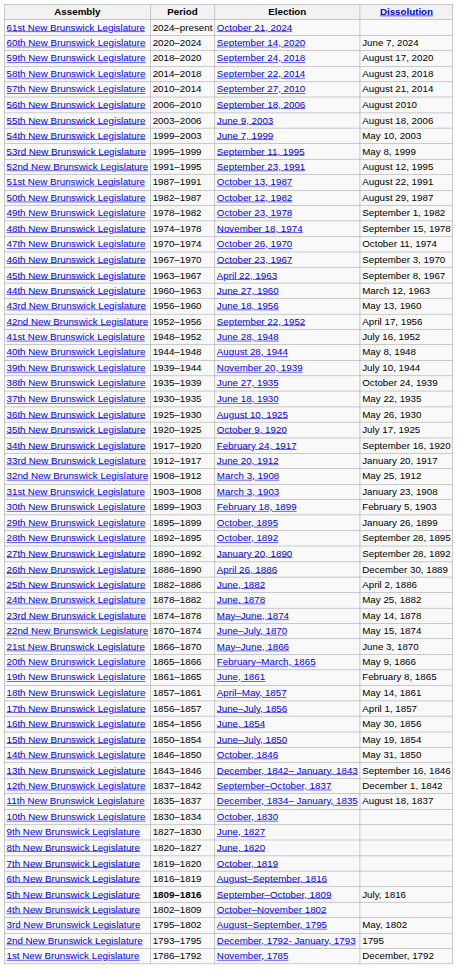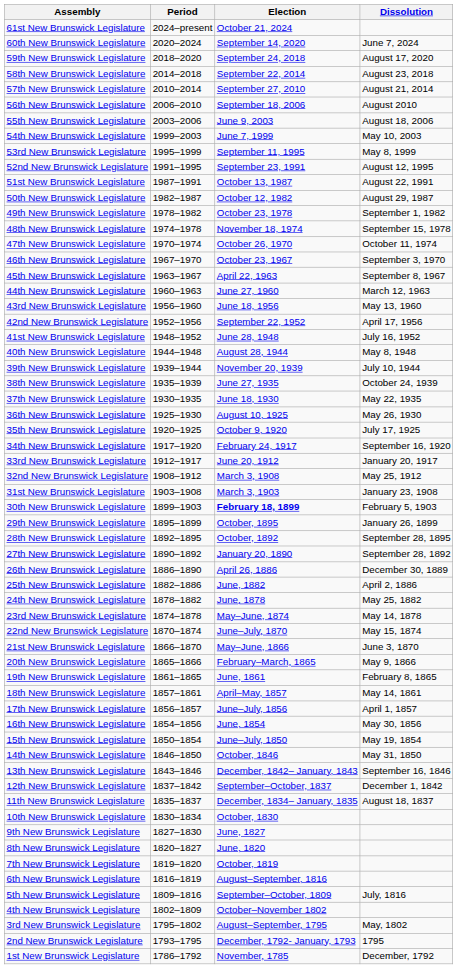 <table class="wikitable">
 <tr>
 <th align="right">Assembly</th>
 <th align="right">Period</th>
 <th align="right">Election</th>
 <th align="right"><a href='#'>Dissolution</a></th>
 </tr>
 <tr>
 <td><a href='#'>61st New Brunswick Legislature</a></td>
 <td>2024–present</td>
 <td><a href='#'>October 21, 2024</a></td>
 <td></td>
 </tr>
 <tr>
 <td><a href='#'>60th New Brunswick Legislature</a></td>
 <td>2020–2024</td>
 <td><a href='#'>September 14, 2020</a></td>
 <td>June 7, 2024</td>
 </tr>
 <tr>
 <td><a href='#'>59th New Brunswick Legislature</a></td>
 <td>2018–2020</td>
 <td><a href='#'>September 24, 2018</a></td>
 <td>August 17, 2020</td>
 </tr>
 <tr>
 <td><a href='#'>58th New Brunswick Legislature</a></td>
 <td>2014–2018</td>
 <td><a href='#'>September 22, 2014</a></td>
 <td>August 23, 2018</td>
 </tr>
 <tr>
 <td><a href='#'>57th New Brunswick Legislature</a></td>
 <td>2010–2014</td>
 <td><a href='#'>September 27, 2010</a></td>
 <td>August 21, 2014</td>
 </tr>
 <tr>
 <td><a href='#'>56th New Brunswick Legislature</a></td>
 <td>2006–2010</td>
 <td><a href='#'>September 18, 2006</a></td>
 <td>August 2010</td>
 </tr>
 <tr>
 <td><a href='#'>55th New Brunswick Legislature</a></td>
 <td>2003–2006</td>
 <td><a href='#'>June 9, 2003</a></td>
 <td>August 18, 2006</td>
 </tr>
 <tr>
 <td><a href='#'>54th New Brunswick Legislature</a></td>
 <td>1999–2003</td>
 <td><a href='#'>June 7, 1999</a></td>
 <td>May 10, 2003</td>
 </tr>
 <tr>
 <td><a href='#'>53rd New Brunswick Legislature</a></td>
 <td>1995–1999</td>
 <td><a href='#'>September 11, 1995</a></td>
 <td>May 8, 1999</td>
 </tr>
 <tr>
 <td><a href='#'>52nd New Brunswick Legislature</a></td>
 <td>1991–1995</td>
 <td><a href='#'>September 23, 1991</a></td>
 <td>August 12, 1995</td>
 </tr>
 <tr>
 <td><a href='#'>51st New Brunswick Legislature</a></td>
 <td>1987–1991</td>
 <td><a href='#'>October 13, 1987</a></td>
 <td>August 22, 1991</td>
 </tr>
 <tr>
 <td><a href='#'>50th New Brunswick Legislature</a></td>
 <td>1982–1987</td>
 <td><a href='#'>October 12, 1982</a></td>
 <td>August 29, 1987</td>
 </tr>
 <tr>
 <td><a href='#'>49th New Brunswick Legislature</a></td>
 <td>1978–1982</td>
 <td><a href='#'>October 23, 1978</a></td>
 <td>September 1, 1982</td>
 </tr>
 <tr>
 <td><a href='#'>48th New Brunswick Legislature</a></td>
 <td>1974–1978</td>
 <td><a href='#'>November 18, 1974</a></td>
 <td>September 15, 1978</td>
 </tr>
 <tr>
 <td><a href='#'>47th New Brunswick Legislature</a></td>
 <td>1970–1974</td>
 <td><a href='#'>October 26, 1970</a></td>
 <td>October 11, 1974</td>
 </tr>
 <tr>
 <td><a href='#'>46th New Brunswick Legislature</a></td>
 <td>1967–1970</td>
 <td><a href='#'>October 23, 1967</a></td>
 <td>September 3, 1970</td>
 </tr>
 <tr>
 <td><a href='#'>45th New Brunswick Legislature</a></td>
 <td>1963–1967</td>
 <td><a href='#'>April 22, 1963</a></td>
 <td>September 8, 1967</td>
 </tr>
 <tr>
 <td><a href='#'>44th New Brunswick Legislature</a></td>
 <td>1960–1963</td>
 <td><a href='#'>June 27, 1960</a></td>
 <td>March 12, 1963</td>
 </tr>
 <tr>
 <td><a href='#'>43rd New Brunswick Legislature</a></td>
 <td>1956–1960</td>
 <td><a href='#'>June 18, 1956</a></td>
 <td>May 13, 1960</td>
 </tr>
 <tr>
 <td><a href='#'>42nd New Brunswick Legislature</a></td>
 <td>1952–1956</td>
 <td><a href='#'>September 22, 1952</a></td>
 <td>April 17, 1956</td>
 </tr>
 <tr>
 <td><a href='#'>41st New Brunswick Legislature</a></td>
 <td>1948–1952</td>
 <td><a href='#'>June 28, 1948</a></td>
 <td>July 16, 1952</td>
 </tr>
 <tr>
 <td><a href='#'>40th New Brunswick Legislature</a></td>
 <td>1944–1948</td>
 <td><a href='#'>August 28, 1944</a></td>
 <td>May 8, 1948</td>
 </tr>
 <tr>
 <td><a href='#'>39th New Brunswick Legislature</a></td>
 <td>1939–1944</td>
 <td><a href='#'>November 20, 1939</a></td>
 <td>July 10, 1944</td>
 </tr>
 <tr>
 <td><a href='#'>38th New Brunswick Legislature</a></td>
 <td>1935–1939</td>
 <td><a href='#'>June 27, 1935</a></td>
 <td>October 24, 1939</td>
 </tr>
 <tr>
 <td><a href='#'>37th New Brunswick Legislature</a></td>
 <td>1930–1935</td>
 <td><a href='#'>June 18, 1930</a></td>
 <td>May 22, 1935</td>
 </tr>
 <tr>
 <td><a href='#'>36th New Brunswick Legislature</a></td>
 <td>1925–1930</td>
 <td><a href='#'>August 10, 1925</a></td>
 <td>May 26, 1930</td>
 </tr>
 <tr>
 <td><a href='#'>35th New Brunswick Legislature</a></td>
 <td>1920–1925</td>
 <td><a href='#'>October 9, 1920</a></td>
 <td>July 17, 1925</td>
 </tr>
 <tr>
 <td><a href='#'>34th New Brunswick Legislature</a></td>
 <td>1917–1920</td>
 <td><a href='#'>February 24, 1917</a></td>
 <td>September 16, 1920</td>
 </tr>
 <tr>
 <td><a href='#'>33rd New Brunswick Legislature</a></td>
 <td>1912–1917</td>
 <td><a href='#'>June 20, 1912</a></td>
 <td>January 20, 1917</td>
 </tr>
 <tr>
 <td><a href='#'>32nd New Brunswick Legislature</a></td>
 <td>1908–1912</td>
 <td><a href='#'>March 3, 1908</a></td>
 <td>May 25, 1912</td>
 </tr>
 <tr>
 <td><a href='#'>31st New Brunswick Legislature</a></td>
 <td>1903–1908</td>
 <td><a href='#'>March 3, 1903</a></td>
 <td>January 23, 1908</td>
 </tr>
 <tr>
 <td><a href='#'>30th New Brunswick Legislature</a></td>
 <td>1899–1903</td>
-<td><a href='#'>February 18, 1899</a></td>
+<td><strong><a href='#'>February 18, 1899</a></strong></td>
 <td>February 5, 1903</td>
 </tr>
 <tr>
 <td><a href='#'>29th New Brunswick Legislature</a></td>
 <td>1895–1899</td>
 <td><a href='#'>October, 1895</a></td>
 <td>January 26, 1899</td>
 </tr>
 <tr>
 <td><a href='#'>28th New Brunswick Legislature</a></td>
 <td>1892–1895</td>
 <td><a href='#'>October, 1892</a></td>
 <td>September 28, 1895</td>
 </tr>
 <tr>
 <td><a href='#'>27th New Brunswick Legislature</a></td>
 <td>1890–1892</td>
 <td><a href='#'>January 20, 1890</a></td>
 <td>September 28, 1892</td>
 </tr>
 <tr>
 <td><a href='#'>26th New Brunswick Legislature</a></td>
 <td>1886–1890</td>
 <td><a href='#'>April 26, 1886</a></td>
 <td>December 30, 1889</td>
 </tr>
 <tr>
 <td><a href='#'>25th New Brunswick Legislature</a></td>
 <td>1882–1886</td>
 <td><a href='#'>June, 1882</a></td>
 <td>April 2, 1886</td>
 </tr>
 <tr>
 <td><a href='#'>24th New Brunswick Legislature</a></td>
 <td>1878–1882</td>
 <td><a href='#'>June, 1878</a></td>
 <td>May 25, 1882</td>
 </tr>
 <tr>
 <td><a href='#'>23rd New Brunswick Legislature</a></td>
 <td>1874–1878</td>
 <td><a href='#'>May–June, 1874</a></td>
 <td>May 14, 1878</td>
 </tr>
 <tr>
 <td><a href='#'>22nd New Brunswick Legislature</a></td>
 <td>1870–1874</td>
 <td><a href='#'>June–July, 1870</a></td>
 <td>May 15, 1874</td>
 </tr>
 <tr>
 <td><a href='#'>21st New Brunswick Legislature</a></td>
 <td>1866–1870</td>
 <td><a href='#'>May–June, 1866</a></td>
 <td>June 3, 1870</td>
 </tr>
 <tr>
 <td><a href='#'>20th New Brunswick Legislature</a></td>
 <td>1865–1866</td>
 <td><a href='#'>February–March, 1865</a></td>
 <td>May 9, 1866</td>
 </tr>
 <tr>
 <td><a href='#'>19th New Brunswick Legislature</a></td>
 <td>1861–1865</td>
 <td><a href='#'>June, 1861</a></td>
 <td>February 8, 1865</td>
 </tr>
 <tr>
 <td><a href='#'>18th New Brunswick Legislature</a></td>
 <td>1857–1861</td>
 <td><a href='#'>April–May, 1857</a></td>
 <td>May 14, 1861</td>
 </tr>
 <tr>
 <td><a href='#'>17th New Brunswick Legislature</a></td>
 <td>1856–1857</td>
 <td><a href='#'>June–July, 1856</a></td>
 <td>April 1, 1857</td>
 </tr>
 <tr>
 <td><a href='#'>16th New Brunswick Legislature</a></td>
 <td>1854–1856</td>
 <td><a href='#'>June, 1854</a></td>
 <td>May 30, 1856</td>
 </tr>
 <tr>
 <td><a href='#'>15th New Brunswick Legislature</a></td>
 <td>1850–1854</td>
 <td><a href='#'>June–July, 1850</a></td>
 <td>May 19, 1854</td>
 </tr>
 <tr>
 <td><a href='#'>14th New Brunswick Legislature</a></td>
 <td>1846–1850</td>
 <td><a href='#'>October, 1846</a></td>
 <td>May 31, 1850</td>
 </tr>
 <tr>
 <td><a href='#'>13th New Brunswick Legislature</a></td>
 <td>1843–1846</td>
 <td><a href='#'>December, 1842– January, 1843</a></td>
 <td>September 16, 1846</td>
 </tr>
 <tr>
 <td><a href='#'>12th New Brunswick Legislature</a></td>
 <td>1837–1842</td>
 <td><a href='#'>September–October, 1837</a></td>
 <td>December 1, 1842</td>
 </tr>
 <tr>
 <td><a href='#'>11th New Brunswick Legislature</a></td>
 <td>1835–1837</td>
 <td><a href='#'>December, 1834– January, 1835</a></td>
 <td>August 18, 1837</td>
 </tr>
 <tr>
 <td><a href='#'>10th New Brunswick Legislature</a></td>
 <td>1830–1834</td>
 <td><a href='#'>October, 1830</a></td>
 <td></td>
 </tr>
 <tr>
 <td><a href='#'>9th New Brunswick Legislature</a></td>
 <td>1827–1830</td>
 <td><a href='#'>June, 1827</a></td>
 <td></td>
 </tr>
 <tr>
 <td><a href='#'>8th New Brunswick Legislature</a></td>
 <td>1820–1827</td>
 <td><a href='#'>June, 1820</a></td>
 <td></td>
 </tr>
 <tr>
 <td><a href='#'>7th New Brunswick Legislature</a></td>
 <td>1819–1820</td>
 <td><a href='#'>October, 1819</a></td>
 <td></td>
 </tr>
 <tr>
 <td><a href='#'>6th New Brunswick Legislature</a></td>
 <td>1816–1819</td>
 <td><a href='#'>August–September, 1816</a></td>
 <td></td>
 </tr>
 <tr>
 <td><a href='#'>5th New Brunswick Legislature</a></td>
-<td><strong>1809–1816</strong></td>
+<td>1809–1816</td>
 <td><a href='#'>September–October, 1809</a></td>
 <td>July, 1816</td>
 </tr>
 <tr>
 <td><a href='#'>4th New Brunswick Legislature</a></td>
 <td>1802–1809</td>
 <td><a href='#'>October–November 1802</a></td>
 <td></td>
 </tr>
 <tr>
 <td><a href='#'>3rd New Brunswick Legislature</a></td>
 <td>1795–1802</td>
 <td><a href='#'>August–September, 1795</a></td>
 <td>May, 1802</td>
 </tr>
 <tr>
 <td><a href='#'>2nd New Brunswick Legislature</a></td>
 <td>1793–1795</td>
 <td><a href='#'>December, 1792- January, 1793</a></td>
 <td>1795</td>
 </tr>
 <tr>
 <td><a href='#'>1st New Brunswick Legislature</a></td>
 <td>1786–1792</td>
 <td><a href='#'>November, 1785</a></td>
 <td>December, 1792</td>
 </tr>
 </table>
